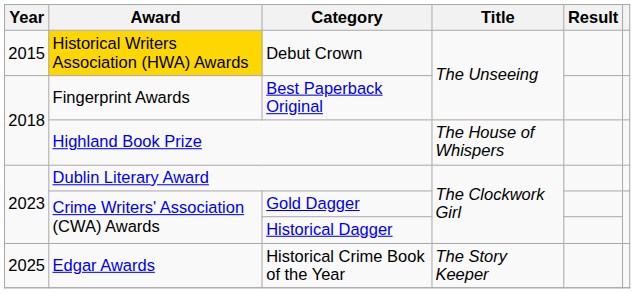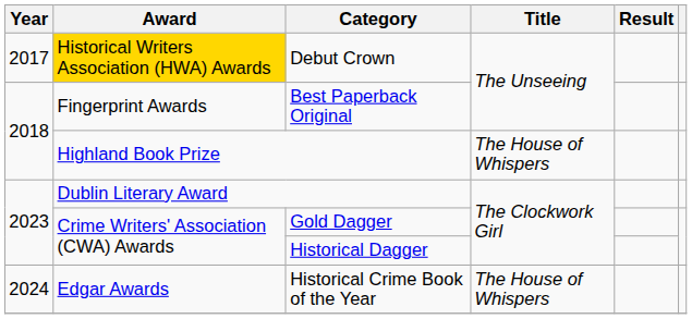 <table class="wikitable sortable">
 <tr>
 <th>Year</th>
 <th>Award</th>
 <th>Category</th>
 <th>Title</th>
 <th>Result</th>
 <th></th>
 </tr>
 <tr>
-<td>2015</td>
+<td>2017</td>
 <td style="background: gold;">Historical Writers Association (HWA) Awards</td>
 <td>Debut Crown</td>
 <td rowspan="2"><em>The Unseeing</em></td>
 <td></td>
 <td></td>
 </tr>
 <tr>
 <td rowspan="2">2018</td>
 <td>Fingerprint Awards</td>
 <td><a href='#'>Best Paperback Original</a></td>
 <td></td>
 <td></td>
 </tr>
 <tr>
 <td colspan="2"><a href='#'>Highland Book Prize</a></td>
 <td><em>The House of Whispers</em></td>
 <td></td>
 <td></td>
 </tr>
 <tr>
 <td rowspan="3">2023</td>
 <td colspan="2"><a href='#'>Dublin Literary Award</a></td>
 <td rowspan="3"><em>The Clockwork Girl</em></td>
 <td></td>
 <td></td>
 </tr>
 <tr>
 <td rowspan="2"><a href='#'>Crime Writers' Association</a> (CWA) Awards</td>
 <td><a href='#'>Gold Dagger</a></td>
 <td></td>
 <td rowspan="2"></td>
 </tr>
 <tr>
 <td><a href='#'>Historical Dagger</a></td>
 <td></td>
 </tr>
 <tr>
-<td>2025</td>
+<td>2024</td>
 <td><a href='#'>Edgar Awards</a></td>
 <td>Historical Crime Book of the Year</td>
-<td><em>The Story Keeper</em></td>
+<td><em>The House of Whispers</em></td>
 <td></td>
 <td></td>
 </tr>
 <tr>
 </tr>
 </table>
